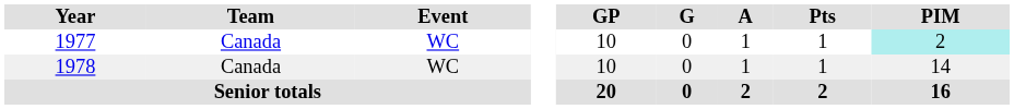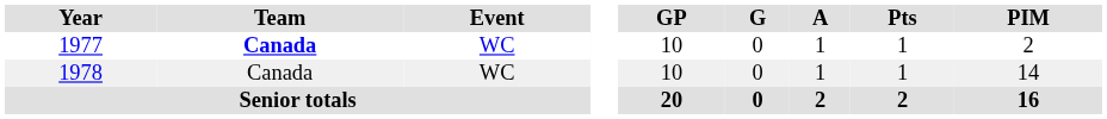 <table border="0" cellpadding="1" cellspacing="0" style="text-align:center; width:50em">
 <tr ALIGN="center" bgcolor="#e0e0e0">
 <th>Year</th>
 <th>Team</th>
 <th>Event</th>
 <th rowspan="99" bgcolor="#ffffff"> </th>
 <th>GP</th>
 <th>G</th>
 <th>A</th>
 <th>Pts</th>
 <th>PIM</th>
 </tr>
 <tr>
 <td><a href='#'>1977</a></td>
-<td><a href='#'>Canada</a></td>
+<td><strong><a href='#'>Canada</a></strong></td>
 <td><a href='#'>WC</a></td>
 <td>10</td>
 <td>0</td>
 <td>1</td>
 <td>1</td>
-<td style="background: paleturquoise;">2</td>
+<td>2</td>
 </tr>
 <tr bgcolor="#f0f0f0">
 <td><a href='#'>1978</a></td>
 <td>Canada</td>
 <td>WC</td>
 <td>10</td>
 <td>0</td>
 <td>1</td>
 <td>1</td>
 <td>14</td>
 </tr>
 <tr bgcolor="#e0e0e0">
 <th colspan=3>Senior totals</th>
 <th>20</th>
 <th>0</th>
 <th>2</th>
 <th>2</th>
 <th>16</th>
 </tr>
 </table>
